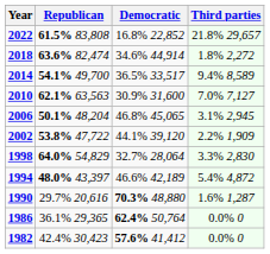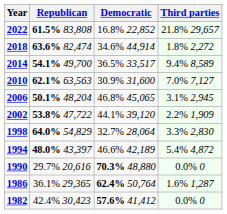 <table class="wikitable" style="font-size:95%;">
 <tr bgcolor=lightgrey>
 <th>Year</th>
 <th><a href='#'>Republican</a></th>
 <th><a href='#'>Democratic</a></th>
 <th><a href='#'>Third parties</a></th>
 </tr>
 <tr>
 <td style="text-align:center; "><strong><a href='#'>2022</a></strong></td>
 <td style="text-align:center; "><strong>61.5%</strong> <em>83,808</em></td>
 <td style="text-align:center; ">16.8% <em>22,852</em></td>
 <td style="text-align:center; background:honeyDew;">21.8% <em>29,657</em></td>
 </tr>
 <tr>
 <td style="text-align:center; "><strong><a href='#'>2018</a></strong></td>
 <td style="text-align:center; "><strong>63.6%</strong> <em>82,474</em></td>
 <td style="text-align:center; ">34.6% <em>44,914</em></td>
 <td style="text-align:center; background:honeyDew;">1.8% <em>2,272</em></td>
 </tr>
 <tr>
 <td style="text-align:center; "><strong><a href='#'>2014</a></strong></td>
 <td style="text-align:center; "><strong>54.1%</strong> <em>49,700</em></td>
 <td style="text-align:center; ">36.5% <em>33,517</em></td>
 <td style="text-align:center; background:honeyDew;">9.4% <em>8,589</em></td>
 </tr>
 <tr>
 <td style="text-align:center; "><strong><a href='#'>2010</a></strong></td>
 <td style="text-align:center; "><strong>62.1%</strong> <em>63,563</em></td>
 <td style="text-align:center; ">30.9% <em>31,600</em></td>
 <td style="text-align:center; background:honeyDew;">7.0% <em>7,127</em></td>
 </tr>
 <tr>
 <td style="text-align:center; "><strong><a href='#'>2006</a></strong></td>
 <td style="text-align:center; "><strong>50.1%</strong> <em>48,204</em></td>
 <td style="text-align:center; ">46.8% <em>45,065</em></td>
 <td style="text-align:center; background:honeyDew;">3.1% <em>2,945</em></td>
 </tr>
 <tr>
 <td style="text-align:center; "><strong><a href='#'>2002</a></strong></td>
 <td style="text-align:center; "><strong>53.8%</strong> <em>47,722</em></td>
 <td style="text-align:center; ">44.1% <em>39,120</em></td>
 <td style="text-align:center; background:honeyDew;">2.2% <em>1,909</em></td>
 </tr>
 <tr>
 <td style="text-align:center; "><strong><a href='#'>1998</a></strong></td>
 <td style="text-align:center; "><strong>64.0%</strong> <em>54,829</em></td>
 <td style="text-align:center; ">32.7% <em>28,064</em></td>
 <td style="text-align:center; background:honeyDew;">3.3% <em>2,830</em></td>
 </tr>
 <tr>
 <td style="text-align:center; "><strong><a href='#'>1994</a></strong></td>
 <td style="text-align:center; "><strong>48.0%</strong> <em>43,397</em></td>
 <td style="text-align:center; ">46.6% <em>42,189</em></td>
 <td style="text-align:center; background:honeyDew;">5.4% <em>4,872</em></td>
 </tr>
 <tr>
 <td style="text-align:center; "><strong><a href='#'>1990</a></strong></td>
 <td style="text-align:center; ">29.7% <em>20,616</em></td>
 <td style="text-align:center; "><strong>70.3%</strong> <em>48,880</em></td>
-<td style="text-align:center; background:honeyDew;">1.6% <em>1,287</em></td>
+<td style="text-align:center; background:honeyDew;">0.0% <em>0</em></td>
 </tr>
 <tr>
 <td style="text-align:center; "><strong><a href='#'>1986</a></strong></td>
 <td style="text-align:center; ">36.1% <em>29,365</em></td>
 <td style="text-align:center; "><strong>62.4%</strong> <em>50,764</em></td>
-<td style="text-align:center; background:honeyDew;">0.0% <em>0</em></td>
+<td style="text-align:center; background:honeyDew;">1.6% <em>1,287</em></td>
 </tr>
 <tr>
 <td style="text-align:center; "><strong><a href='#'>1982</a></strong></td>
 <td style="text-align:center; ">42.4% <em>30,423</em></td>
 <td style="text-align:center; "><strong>57.6%</strong> <em>41,412</em></td>
 <td style="text-align:center; background:honeyDew;">0.0% <em>0</em></td>
 </tr>
 </table>
